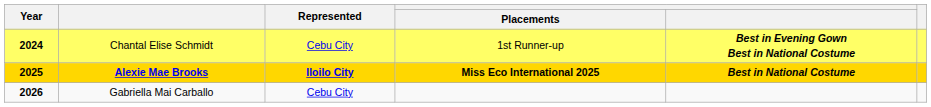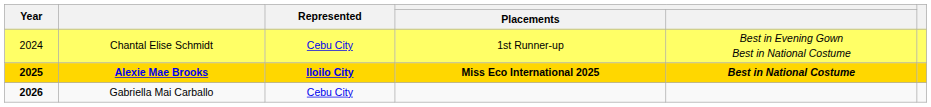 <table class="wikitable" style="text-align:center; line-height:20px; font-size:90%; width:100%;">
 <tr>
 <th rowspan="2">Year</th>
 <th rowspan="2"></th>
 <th rowspan="2">Represented</th>
 <th colspan="2"></th>
 <th rowspan="2"></th>
 </tr>
 <tr>
 <th>Placements</th>
 <th></th>
 </tr>
 <tr style="background-color:#FFFF66">
-<td><strong>2024</strong></td>
+<td>2024</td>
 <td>Chantal Elise Schmidt</td>
 <td><a href='#'>Cebu City</a></td>
 <td>1st Runner-up</td>
-<td><strong><em>Best in Evening Gown</em><br><em>Best in National Costume</em></strong></td>
+<td><em>Best in Evening Gown</em><br><em>Best in National Costume</em></td>
 <td></td>
 </tr>
 <tr style="background:gold;">
 <td><strong>2025</strong></td>
 <td><strong><a href='#'>Alexie Mae Brooks</a></strong></td>
 <td><strong><a href='#'>Iloilo City</a></strong></td>
 <td><strong>Miss Eco International 2025</strong></td>
 <td><strong><em>Best in National Costume</em></strong></td>
 <td></td>
 </tr>
 <tr>
 <td><strong>2026</strong></td>
 <td>Gabriella Mai Carballo</td>
 <td><a href='#'>Cebu City</a></td>
 <td></td>
 <td></td>
 <td></td>
 </tr>
 </table>
